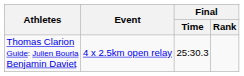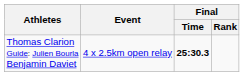 <table class="wikitable" style="font-size:100%">
 <tr>
 <th rowspan="2">Athletes</th>
 <th rowspan="2">Event</th>
 <th colspan="2">Final</th>
 </tr>
 <tr>
 <th>Time</th>
 <th>Rank</th>
 </tr>
 <tr>
 <td><a href='#'>Thomas Clarion</a><br><small><a href='#'>Guide</a>: <a href='#'>Julien Bourla</a></small><br><a href='#'>Benjamin Daviet</a></td>
 <td><a href='#'>4 x 2.5km open relay</a></td>
-<td align="center">25:30.3</td>
+<td align="center"><strong>25:30.3</strong></td>
 <td align="center"></td>
 </tr>
 </table>
